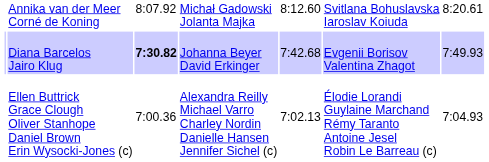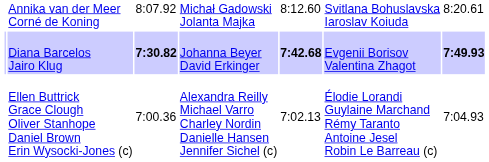 <table>
 <tr>
 <td><br></td>
 <td><br><a href='#'>Annika van der Meer</a><br><a href='#'>Corné de Koning</a></td>
 <td>8:07.92</td>
 <td><br><a href='#'>Michał Gadowski</a><br><a href='#'>Jolanta Majka</a></td>
 <td>8:12.60</td>
 <td><br><a href='#'>Svitlana Bohuslavska</a><br><a href='#'>Iaroslav Koiuda</a></td>
 <td>8:20.61</td>
 </tr>
 <tr bgcolor="#ccccff">
 <td><br></td>
 <td><br><a href='#'>Diana Barcelos</a><br><a href='#'>Jairo Klug</a></td>
 <td><strong>7:30.82</strong></td>
 <td><br><a href='#'>Johanna Beyer</a><br><a href='#'>David Erkinger</a></td>
-<td>7:42.68</td>
+<td><strong>7:42.68</strong></td>
 <td><br><a href='#'>Evgenii Borisov</a><br><a href='#'>Valentina Zhagot</a></td>
-<td>7:49.93</td>
+<td><strong>7:49.93</strong></td>
 </tr>
 <tr>
 <td><br></td>
 <td><br><a href='#'>Ellen Buttrick</a><br><a href='#'>Grace Clough</a><br><a href='#'>Oliver Stanhope</a><br><a href='#'>Daniel Brown</a><br><a href='#'>Erin Wysocki-Jones</a> (c)</td>
 <td>7:00.36</td>
 <td><br><a href='#'>Alexandra Reilly</a><br><a href='#'>Michael Varro</a><br><a href='#'>Charley Nordin</a><br><a href='#'>Danielle Hansen</a><br><a href='#'>Jennifer Sichel</a> (c)</td>
 <td>7:02.13</td>
 <td><br><a href='#'>Élodie Lorandi</a><br><a href='#'>Guylaine Marchand</a><br><a href='#'>Rémy Taranto</a><br><a href='#'>Antoine Jesel</a><br><a href='#'>Robin Le Barreau</a> (c)</td>
 <td>7:04.93</td>
 </tr>
 </table>
